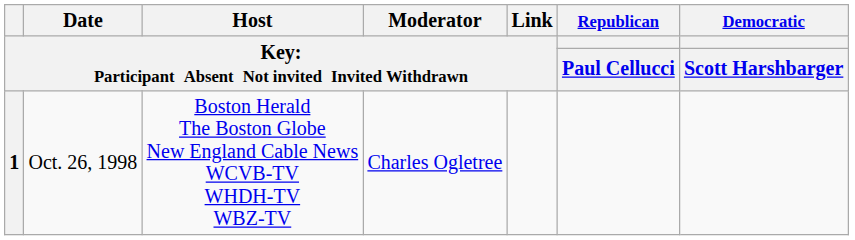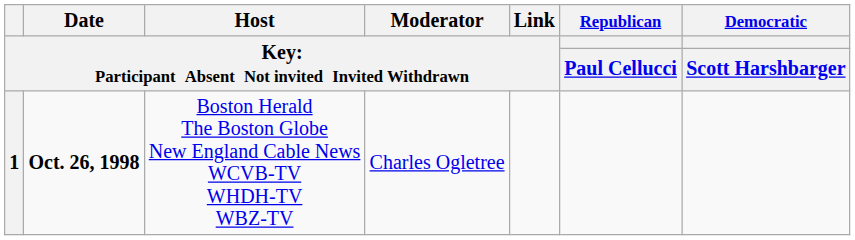 <table class="wikitable" style="text-align:center;">
 <tr>
 <th scope="col"></th>
 <th scope="col">Date</th>
 <th scope="col">Host</th>
 <th scope="col">Moderator</th>
 <th scope="col">Link</th>
 <th scope="col"><small><a href='#'>Republican</a></small></th>
 <th scope="col"><small><a href='#'>Democratic</a></small></th>
 </tr>
 <tr>
 <th colspan="5" rowspan="2">Key:<br> <small>Participant </small>  <small>Absent </small>  <small>Not invited </small>  <small>Invited  Withdrawn</small></th>
 <th scope="col" style="background:"></th>
 <th scope="col" style="background:"></th>
 </tr>
 <tr>
 <th scope="col"><a href='#'>Paul Cellucci</a></th>
 <th scope="col"><a href='#'>Scott Harshbarger</a></th>
 </tr>
 <tr>
 <th>1</th>
-<td style="white-space:nowrap;">Oct. 26, 1998</td>
+<td style="white-space:nowrap;"><strong>Oct. 26, 1998</strong></td>
 <td style="white-space:nowrap;"><a href='#'>Boston Herald</a><br><a href='#'>The Boston Globe</a><br><a href='#'>New England Cable News</a><br><a href='#'>WCVB-TV</a><br><a href='#'>WHDH-TV</a><br><a href='#'>WBZ-TV</a></td>
 <td style="white-space:nowrap;"><a href='#'>Charles Ogletree</a></td>
 <td style="white-space:nowrap;"></td>
 <td></td>
 <td></td>
 </tr>
 </table>
